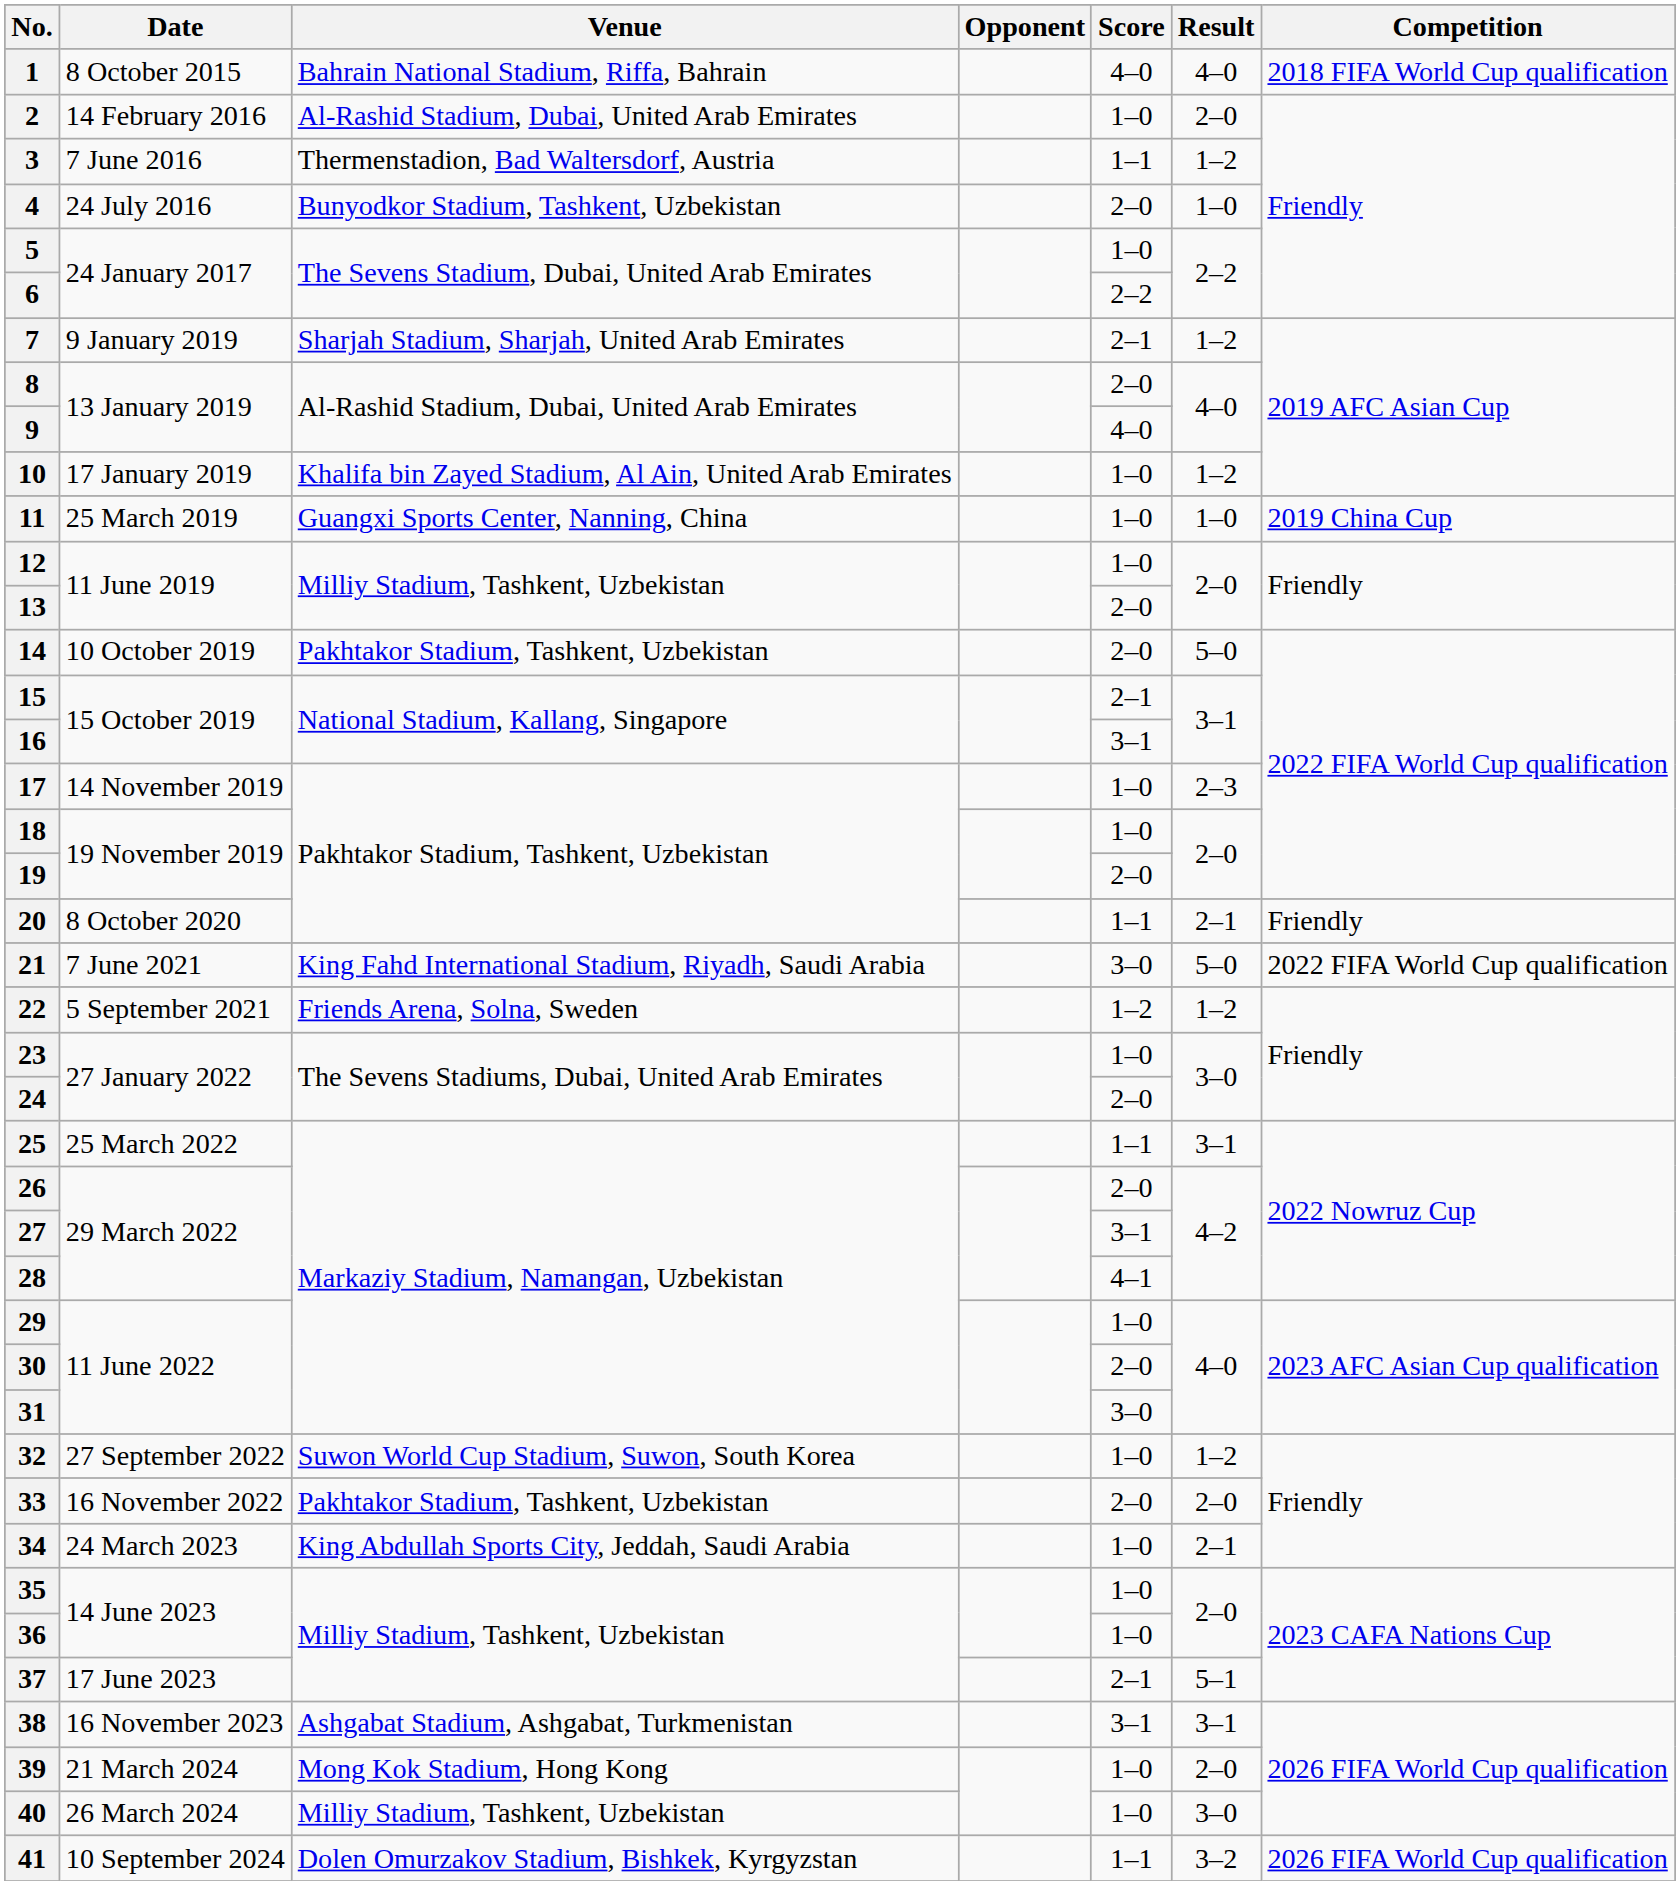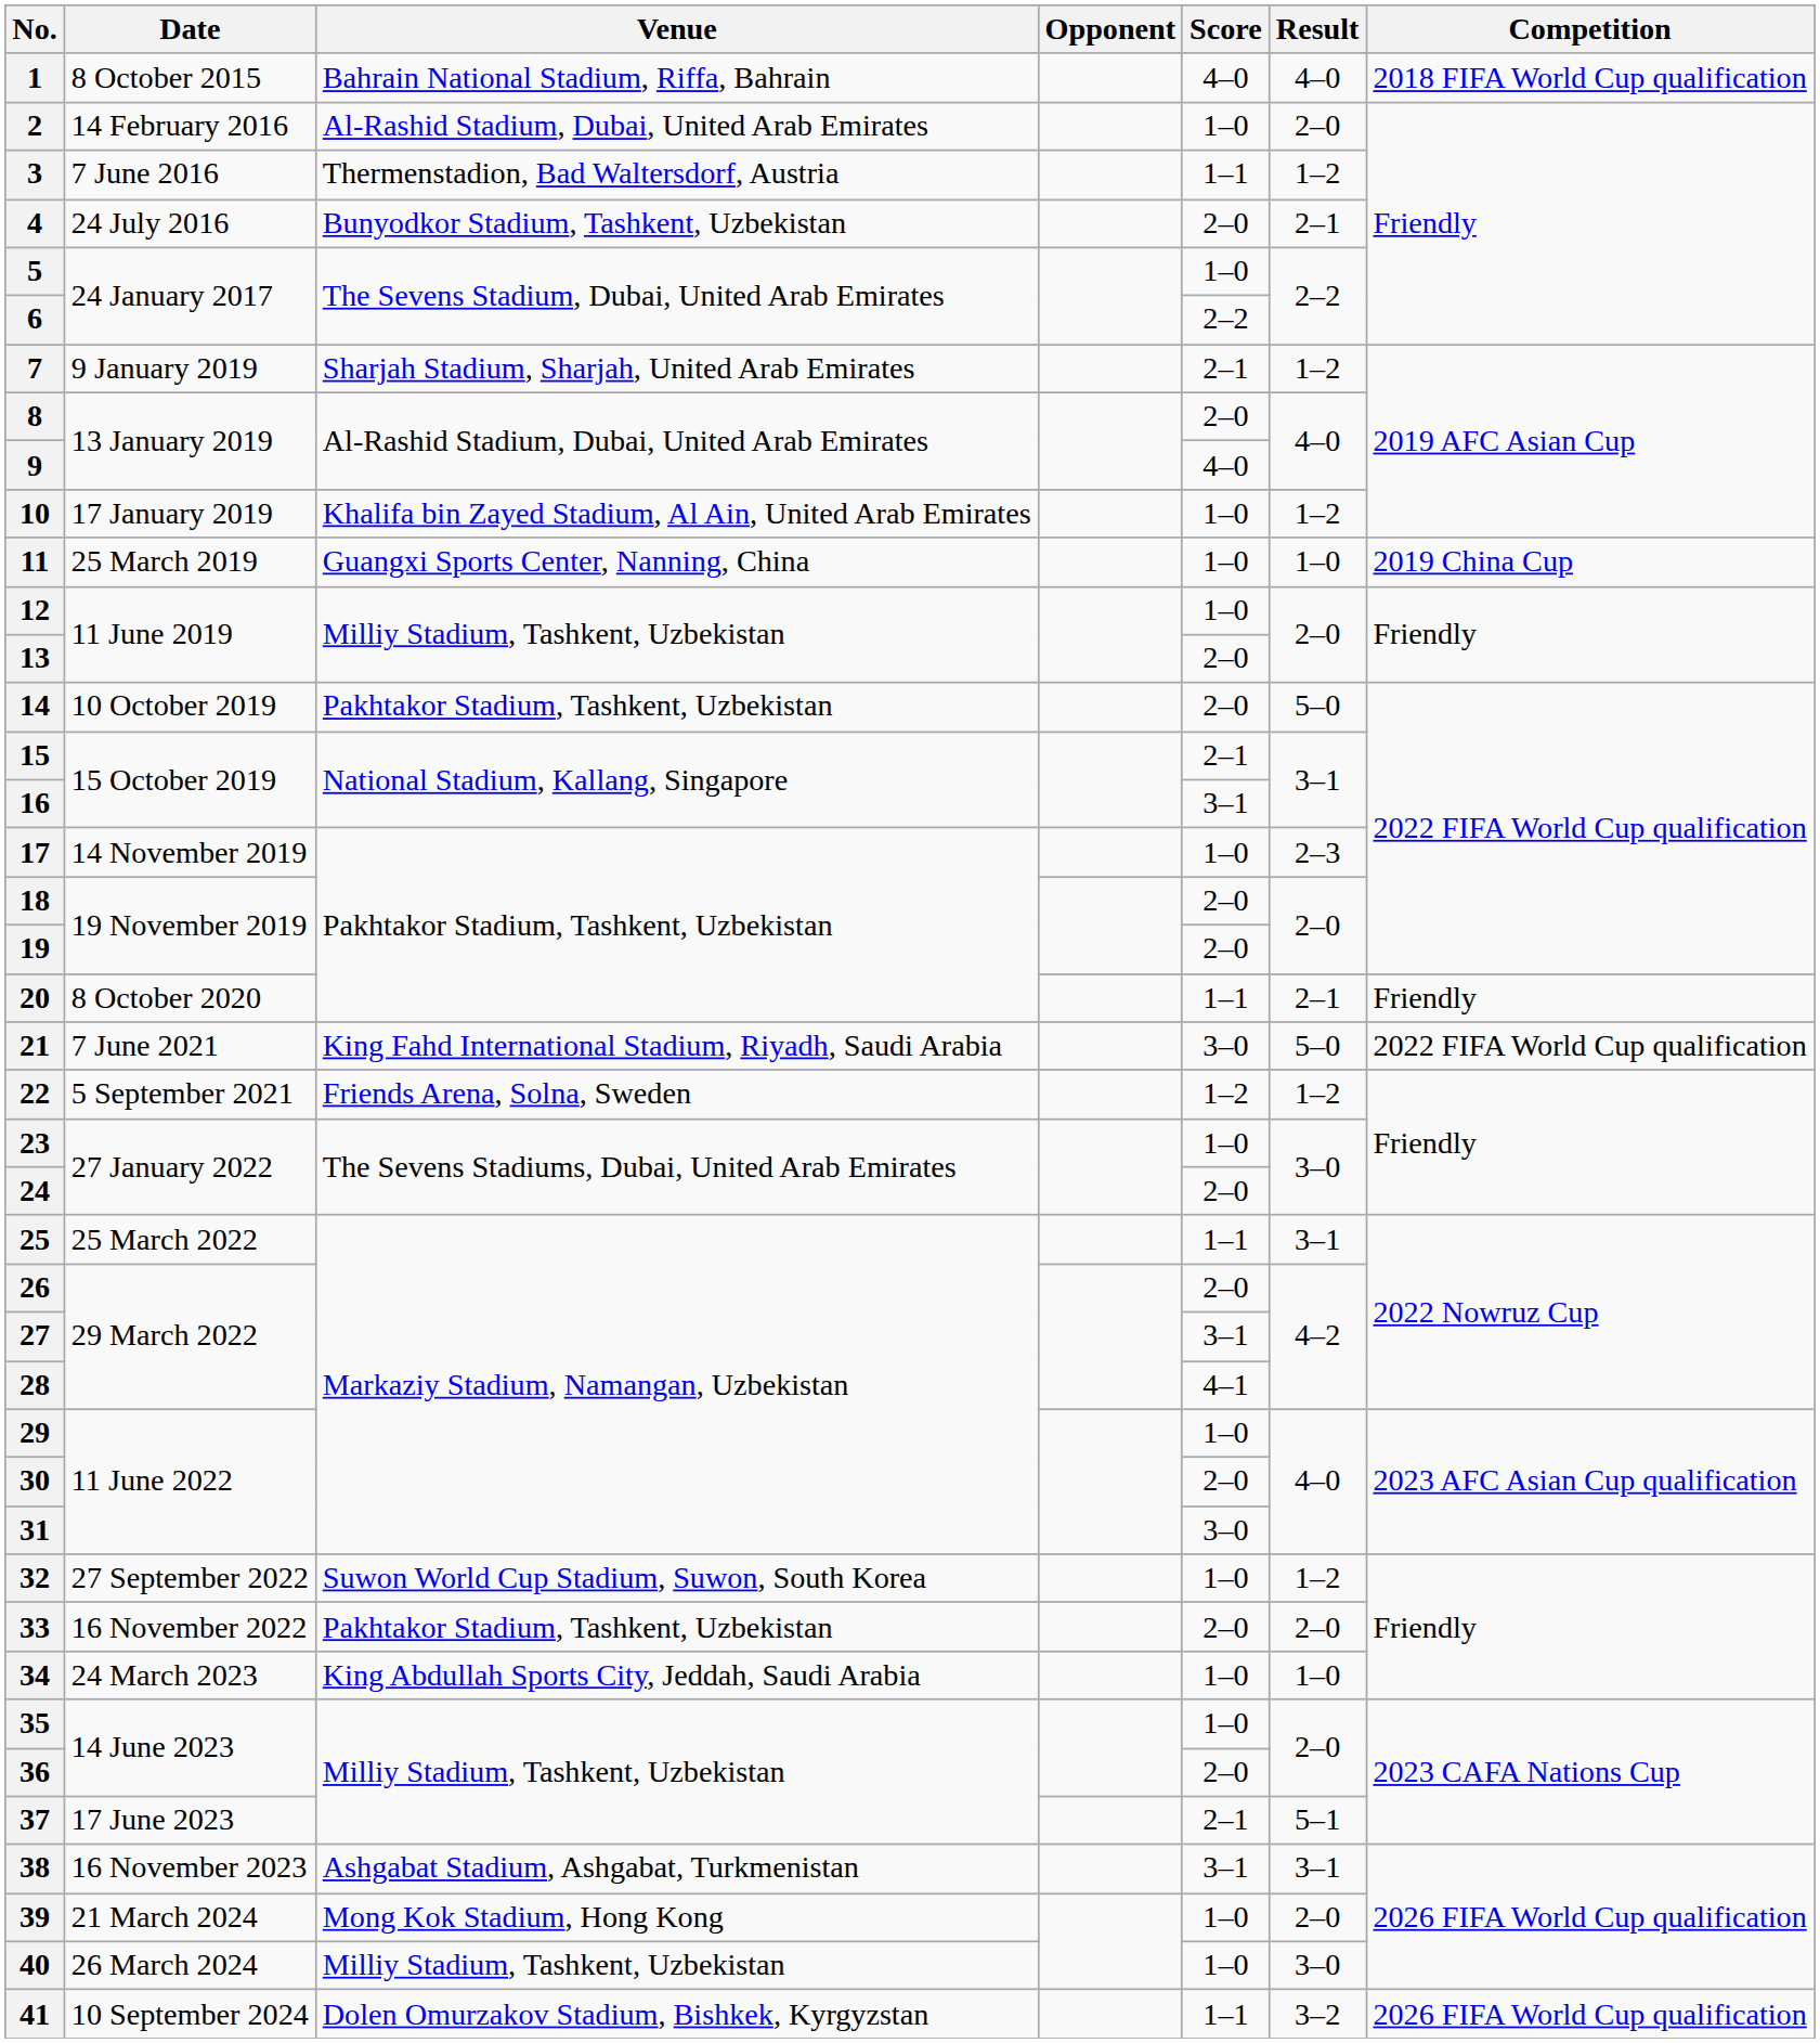 <table class="wikitable sortable" style="text-align:left">
 <tr>
 <th scope=col>No.</th>
 <th scope=col data-sort-type=date>Date</th>
 <th scope=col>Venue</th>
 <th scope=col>Opponent</th>
 <th scope=col>Score</th>
 <th scope=col>Result</th>
 <th scope=col>Competition</th>
 </tr>
 <tr>
 <th scope=row>1</th>
 <td>8 October 2015</td>
 <td><a href='#'>Bahrain National Stadium</a>, <a href='#'>Riffa</a>, Bahrain</td>
 <td></td>
 <td align=center>4–0</td>
 <td align=center>4–0</td>
 <td><a href='#'>2018 FIFA World Cup qualification</a></td>
 </tr>
 <tr>
 <th scope=row>2</th>
 <td>14 February 2016</td>
 <td><a href='#'>Al-Rashid Stadium</a>, <a href='#'>Dubai</a>, United Arab Emirates</td>
 <td></td>
 <td align=center>1–0</td>
 <td align=center>2–0</td>
 <td rowspan=5><a href='#'>Friendly</a></td>
 </tr>
 <tr>
 <th scope=row>3</th>
 <td>7 June 2016</td>
 <td>Thermenstadion, <a href='#'>Bad Waltersdorf</a>, Austria</td>
 <td></td>
 <td align=center>1–1</td>
 <td align=center>1–2</td>
 </tr>
 <tr>
 <th scope=row>4</th>
 <td>24 July 2016</td>
 <td><a href='#'>Bunyodkor Stadium</a>, <a href='#'>Tashkent</a>, Uzbekistan</td>
 <td></td>
 <td align=center>2–0</td>
-<td align=center>1–0</td>
+<td align=center>2–1</td>
 </tr>
 <tr>
 <th scope=row>5</th>
 <td rowspan=2>24 January 2017</td>
 <td rowspan=2><a href='#'>The Sevens Stadium</a>, Dubai, United Arab Emirates</td>
 <td rowspan=2></td>
 <td align=center>1–0</td>
 <td rowspan=2 align=center>2–2</td>
 </tr>
 <tr>
 <th scope=row>6</th>
 <td align=center>2–2</td>
 </tr>
 <tr>
 <th scope=row>7</th>
 <td>9 January 2019</td>
 <td><a href='#'>Sharjah Stadium</a>, <a href='#'>Sharjah</a>, United Arab Emirates</td>
 <td></td>
 <td align=center>2–1</td>
 <td align=center>1–2</td>
 <td rowspan=4><a href='#'>2019 AFC Asian Cup</a></td>
 </tr>
 <tr>
 <th scope=row>8</th>
 <td rowspan=2>13 January 2019</td>
 <td rowspan=2>Al-Rashid Stadium, Dubai, United Arab Emirates</td>
 <td rowspan=2></td>
 <td align=center>2–0</td>
 <td rowspan=2 align=center>4–0</td>
 </tr>
 <tr>
 <th scope=row>9</th>
 <td align=center>4–0</td>
 </tr>
 <tr>
 <th scope=row>10</th>
 <td>17 January 2019</td>
 <td><a href='#'>Khalifa bin Zayed Stadium</a>, <a href='#'>Al Ain</a>, United Arab Emirates</td>
 <td></td>
 <td align=center>1–0</td>
 <td align=center>1–2</td>
 </tr>
 <tr>
 <th scope=row>11</th>
 <td>25 March 2019</td>
 <td><a href='#'>Guangxi Sports Center</a>, <a href='#'>Nanning</a>, China</td>
 <td></td>
 <td align=center>1–0</td>
 <td align=center>1–0</td>
 <td><a href='#'>2019 China Cup</a></td>
 </tr>
 <tr>
 <th scope=row>12</th>
 <td rowspan=2>11 June 2019</td>
 <td rowspan=2><a href='#'>Milliy Stadium</a>, Tashkent, Uzbekistan</td>
 <td rowspan=2></td>
 <td align=center>1–0</td>
 <td rowspan=2 align=center>2–0</td>
 <td rowspan=2>Friendly</td>
 </tr>
 <tr>
 <th scope=row>13</th>
 <td align=center>2–0</td>
 </tr>
 <tr>
 <th scope=row>14</th>
 <td>10 October 2019</td>
 <td><a href='#'>Pakhtakor Stadium</a>, Tashkent, Uzbekistan</td>
 <td></td>
 <td align=center>2–0</td>
 <td align=center>5–0</td>
 <td rowspan=6><a href='#'>2022 FIFA World Cup qualification</a></td>
 </tr>
 <tr>
 <th scope=row>15</th>
 <td rowspan=2>15 October 2019</td>
 <td rowspan=2><a href='#'>National Stadium</a>, <a href='#'>Kallang</a>, Singapore</td>
 <td rowspan=2></td>
 <td align=center>2–1</td>
 <td rowspan=2 align=center>3–1</td>
 </tr>
 <tr>
 <th scope=row>16</th>
 <td align=center>3–1</td>
 </tr>
 <tr>
 <th scope=row>17</th>
 <td>14 November 2019</td>
 <td rowspan=4>Pakhtakor Stadium, Tashkent, Uzbekistan</td>
 <td></td>
 <td align=center>1–0</td>
 <td align=center>2–3</td>
 </tr>
 <tr>
 <th scope=row>18</th>
 <td rowspan=2>19 November 2019</td>
 <td rowspan=2></td>
-<td align=center>1–0</td>
+<td align=center>2–0</td>
 <td rowspan=2 align=center>2–0</td>
 </tr>
 <tr>
 <th scope=row>19</th>
 <td align=center>2–0</td>
 </tr>
 <tr>
 <th scope=row>20</th>
 <td>8 October 2020</td>
 <td></td>
 <td align=center>1–1</td>
 <td align=center>2–1</td>
 <td>Friendly</td>
 </tr>
 <tr>
 <th scope=row>21</th>
 <td>7 June 2021</td>
 <td><a href='#'>King Fahd International Stadium</a>, <a href='#'>Riyadh</a>, Saudi Arabia</td>
 <td></td>
 <td align=center>3–0</td>
 <td align=center>5–0</td>
 <td>2022 FIFA World Cup qualification</td>
 </tr>
 <tr>
 <th scope=row>22</th>
 <td>5 September 2021</td>
 <td><a href='#'>Friends Arena</a>, <a href='#'>Solna</a>, Sweden</td>
 <td></td>
 <td align=center>1–2</td>
 <td align=center>1–2</td>
 <td rowspan=3>Friendly</td>
 </tr>
 <tr>
 <th scope=row>23</th>
 <td rowspan=2>27 January 2022</td>
 <td rowspan=2>The Sevens Stadiums, Dubai, United Arab Emirates</td>
 <td rowspan=2></td>
 <td align=center>1–0</td>
 <td rowspan=2 align=center>3–0</td>
 </tr>
 <tr>
 <th scope=row>24</th>
 <td align=center>2–0</td>
 </tr>
 <tr>
 <th scope=row>25</th>
 <td>25 March 2022</td>
 <td rowspan=7><a href='#'>Markaziy Stadium</a>, <a href='#'>Namangan</a>, Uzbekistan</td>
 <td></td>
 <td align=center>1–1</td>
 <td align=center>3–1</td>
 <td rowspan=4><a href='#'>2022 Nowruz Cup</a></td>
 </tr>
 <tr>
 <th scope=row>26</th>
 <td rowspan=3>29 March 2022</td>
 <td rowspan=3></td>
 <td align=center>2–0</td>
 <td rowspan=3 align=center>4–2</td>
 </tr>
 <tr>
 <th scope=row>27</th>
 <td align=center>3–1</td>
 </tr>
 <tr>
 <th scope=row>28</th>
 <td align=center>4–1</td>
 </tr>
 <tr>
 <th scope=row>29</th>
 <td rowspan=3>11 June 2022</td>
 <td rowspan=3></td>
 <td align=center>1–0</td>
 <td rowspan=3 align=center>4–0</td>
 <td rowspan=3><a href='#'>2023 AFC Asian Cup qualification</a></td>
 </tr>
 <tr>
 <th scope=row>30</th>
 <td align=center>2–0</td>
 </tr>
 <tr>
 <th scope=row>31</th>
 <td align=center>3–0</td>
 </tr>
 <tr>
 <th scope=row>32</th>
 <td>27 September 2022</td>
 <td><a href='#'>Suwon World Cup Stadium</a>, <a href='#'>Suwon</a>, South Korea</td>
 <td></td>
 <td align=center>1–0</td>
 <td align=center>1–2</td>
 <td rowspan=3>Friendly</td>
 </tr>
 <tr>
 <th scope=row>33</th>
 <td>16 November 2022</td>
 <td><a href='#'>Pakhtakor Stadium</a>, Tashkent, Uzbekistan</td>
 <td></td>
 <td align=center>2–0</td>
 <td align=center>2–0</td>
 </tr>
 <tr>
 <th scope=row>34</th>
 <td>24 March 2023</td>
 <td><a href='#'>King Abdullah Sports City</a>, Jeddah, Saudi Arabia</td>
 <td></td>
 <td align=center>1–0</td>
-<td align=center>2–1</td>
+<td align=center>1–0</td>
 </tr>
 <tr>
 <th scope=row>35</th>
 <td rowspan=2>14 June 2023</td>
 <td rowspan=3><a href='#'>Milliy Stadium</a>, Tashkent, Uzbekistan</td>
 <td rowspan=2></td>
 <td align=center>1–0</td>
 <td rowspan=2 align=center>2–0</td>
 <td rowspan=3><a href='#'>2023 CAFA Nations Cup</a></td>
 </tr>
 <tr>
 <th scope=row>36</th>
-<td align=center>1–0</td>
+<td align=center>2–0</td>
 </tr>
 <tr>
 <th scope=row>37</th>
 <td>17 June 2023</td>
 <td></td>
 <td align=center>2–1</td>
 <td align=center>5–1</td>
 </tr>
 <tr>
 <th scope=row>38</th>
 <td>16 November 2023</td>
 <td><a href='#'>Ashgabat Stadium</a>, Ashgabat, Turkmenistan</td>
 <td></td>
 <td align=center>3–1</td>
 <td align=center>3–1</td>
 <td rowspan=3><a href='#'>2026 FIFA World Cup qualification</a></td>
 </tr>
 <tr>
 <th scope=row>39</th>
 <td>21 March 2024</td>
 <td><a href='#'>Mong Kok Stadium</a>, Hong Kong</td>
 <td rowspan=2></td>
 <td align=center>1–0</td>
 <td align=center>2–0</td>
 </tr>
 <tr>
 <th scope=row>40</th>
 <td>26 March 2024</td>
 <td><a href='#'>Milliy Stadium</a>, Tashkent, Uzbekistan</td>
 <td align=center>1–0</td>
 <td align=center>3–0</td>
 </tr>
 <tr>
 <th scope=row>41</th>
 <td>10 September 2024</td>
 <td><a href='#'>Dolen Omurzakov Stadium</a>, <a href='#'>Bishkek</a>, Kyrgyzstan</td>
 <td></td>
 <td align=center>1–1</td>
 <td align=center>3–2</td>
 <td><a href='#'>2026 FIFA World Cup qualification</a></td>
 </tr>
 </table>
